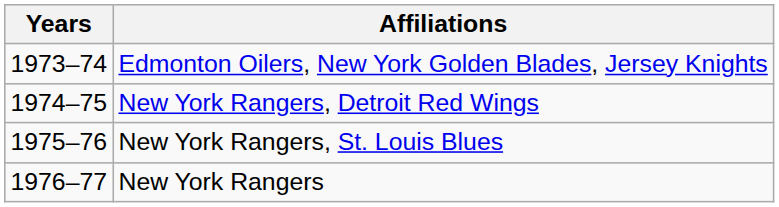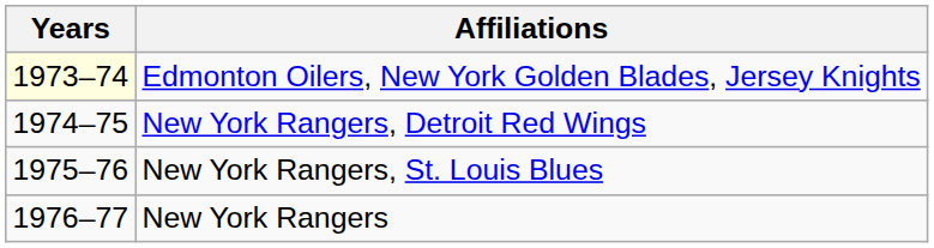 <table class="wikitable">
 <tr>
 <th>Years</th>
 <th>Affiliations</th>
 </tr>
 <tr>
-<td>1973–74</td>
+<td style="background: lightyellow;">1973–74</td>
 <td><a href='#'>Edmonton Oilers</a>, <a href='#'>New York Golden Blades</a>, <a href='#'>Jersey Knights</a></td>
 </tr>
 <tr>
 <td>1974–75</td>
 <td><a href='#'>New York Rangers</a>, <a href='#'>Detroit Red Wings</a></td>
 </tr>
 <tr>
 <td>1975–76</td>
 <td>New York Rangers, <a href='#'>St. Louis Blues</a></td>
 </tr>
 <tr>
 <td>1976–77</td>
 <td>New York Rangers</td>
 </tr>
 </table>
